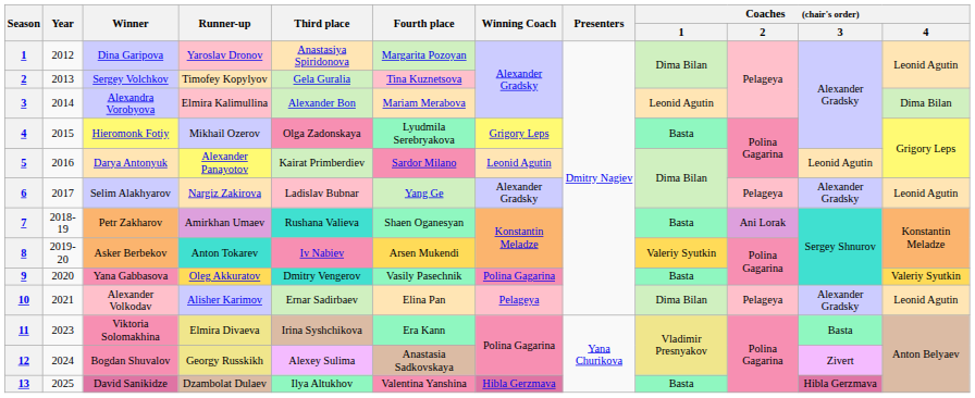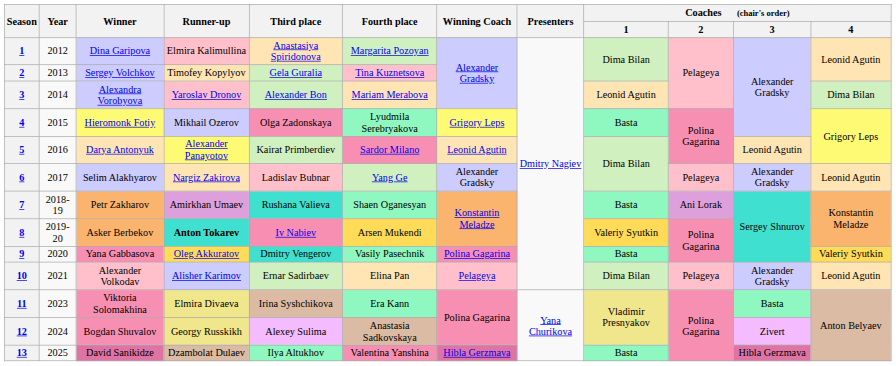 <table class="wikitable" style="text-align:center; font-size:90%; line-height:16px; max-width:1800px">
 <tr>
 <th rowspan=2 scope="col">Season</th>
 <th rowspan=2 scope="col">Year</th>
 <th rowspan=2 scope="col">Winner</th>
 <th rowspan=2 scope="col">Runner-up</th>
 <th rowspan=2 scope="col">Third place</th>
 <th rowspan=2 scope="col">Fourth place</th>
 <th rowspan=2 scope="col">Winning Coach</th>
 <th rowspan=2 scope="col">Presenters</th>
 <th scope="row" colspan="4">Coaches   <small>(chair's order)</small></th>
 </tr>
 <tr>
 <th>1</th>
 <th>2</th>
 <th>3</th>
 <th>4</th>
 </tr>
 <tr>
 <th scope="row"><a href='#'>1</a></th>
 <td>2012</td>
 <td style="background:#ccccff"><a href='#'>Dina Garipova</a></td>
-<td style="background:pink"><a href='#'>Yaroslav Dronov</a></td>
+<td style="background:pink">Elmira Kalimullina</td>
 <td style="background:#ffe5b4"><a href='#'>Anastasiya Spiridonova</a></td>
 <td style="background:#d0f0c0"><a href='#'>Margarita Pozoyan</a></td>
 <td rowspan=3 style="background:#ccccff"><a href='#'>Alexander Gradsky</a></td>
 <td rowspan=10><a href='#'>Dmitry Nagiev</a></td>
 <td rowspan=2 style="background:#d0f0c0">Dima Bilan</td>
 <td rowspan=3 style="background:pink">Pelageya</td>
 <td rowspan=4 style="background:#ccf">Alexander Gradsky</td>
 <td rowspan=2 style="background:#ffe5b4">Leonid Agutin</td>
 </tr>
 <tr>
 <th><a href='#'>2</a></th>
 <td>2013</td>
 <td style="background:#ccccff"><a href='#'>Sergey Volchkov</a></td>
 <td style="background:#ffe5b4">Timofey Kopylyov</td>
 <td style="background:#d0f0c0"><a href='#'>Gela Guralia</a></td>
 <td style="background:pink"><a href='#'>Tina Kuznetsova</a></td>
 </tr>
 <tr>
 <th><a href='#'>3</a></th>
 <td>2014</td>
 <td style="background:#ccccff"><a href='#'>Alexandra Vorobyova</a></td>
-<td style="background:pink">Elmira Kalimullina</td>
+<td style="background:pink"><a href='#'>Yaroslav Dronov</a></td>
 <td style="background:#d0f0c0"><a href='#'>Alexander Bon</a></td>
 <td style="background:#ffe5b4"><a href='#'>Mariam Merabova</a></td>
 <td style="background:#ffe5b4">Leonid Agutin</td>
 <td style="background:#d0f0c0">Dima Bilan</td>
 </tr>
 <tr>
 <th><a href='#'>4</a></th>
 <td>2015</td>
 <td style="background:#fffa73"><a href='#'>Hieromonk Fotiy</a></td>
 <td style="background:#ccccff">Mikhail Ozerov</td>
 <td style="background:#f78fb2">Olga Zadonskaya</td>
 <td style="background:#8ff7c0">Lyudmila Serebryakova</td>
 <td style="background:#fffa73"><a href='#'>Grigory Leps</a></td>
 <td style="background:#8ff7c0">Basta</td>
 <td rowspan=2 style="background:#f78fb2">Polina Gagarina</td>
 <td rowspan=2 style="background:#fffa73">Grigory Leps</td>
 </tr>
 <tr>
 <th><a href='#'>5</a></th>
 <td>2016</td>
 <td style="background:#ffe5b4"><a href='#'>Darya Antonyuk</a></td>
 <td style="background:#fffa73"><a href='#'>Alexander Panayotov</a></td>
 <td style="background:#d0f0c0">Kairat Primberdiev</td>
 <td style="background:#f78fb2"><a href='#'>Sardor Milano</a></td>
 <td style="background:#ffe5b4"><a href='#'>Leonid Agutin</a></td>
 <td rowspan=2 style="background:#d0f0c0">Dima Bilan</td>
 <td style="background:#ffe5b4">Leonid Agutin</td>
 </tr>
 <tr>
 <th><a href='#'>6</a></th>
 <td>2017</td>
 <td style="background:#ccccff">Selim Alakhyarov</td>
 <td style="background:#ffe5b4"><a href='#'>Nargiz Zakirova</a></td>
 <td style="background:pink">Ladislav Bubnar</td>
 <td style="background:#d0f0c0"><a href='#'>Yang Ge</a></td>
 <td style="background:#ccccff">Alexander Gradsky</td>
 <td style="background:pink">Pelageya</td>
 <td style="background:#ccf">Alexander Gradsky</td>
 <td style="background:#ffe5b4">Leonid Agutin</td>
 </tr>
 <tr>
 <th><a href='#'>7</a></th>
 <td>2018-19</td>
 <td style="background:#fbb46e">Petr Zakharov</td>
 <td style="background:#dda0dd;">Amirkhan Umaev</td>
 <td style="background:turquoise;">Rushana Valieva</td>
 <td style="background:#8ff7c0">Shaen Oganesyan</td>
 <td rowspan=2 style="background:#fbb46e"><a href='#'>Konstantin Meladze</a></td>
 <td style="background:#8ff7c0">Basta</td>
 <td style="background:#dda0dd">Ani Lorak</td>
 <td rowspan=3 style="background:turquoise;">Sergey Shnurov</td>
 <td rowspan=2 style="background:#fbb46e">Konstantin Meladze</td>
 </tr>
 <tr>
 <th><a href='#'>8</a></th>
 <td>2019-20</td>
 <td style="background:#fbb46e">Asker Berbekov</td>
-<td style="background:turquoise;">Anton Tokarev</td>
+<td style="background:turquoise;"><strong>Anton Tokarev</strong></td>
 <td style="background:#f78fb2"><a href='#'>Iv Nabiev</a></td>
 <td style="background:#ffdb58">Arsen Mukendi</td>
 <td style="background:#ffdb58">Valeriy Syutkin</td>
 <td rowspan=2 style="background:#f78fb2">Polina Gagarina</td>
 </tr>
 <tr>
 <th><a href='#'>9</a></th>
 <td>2020</td>
 <td style="background:#f78fb2">Yana Gabbasova</td>
 <td style="background:#ffdb58"><a href='#'>Oleg Akkuratov</a></td>
 <td style="background:turquoise;">Dmitry Vengerov</td>
 <td style="background:#8ff7c0">Vasily Pasechnik</td>
 <td style="background:#f78fb2"><a href='#'>Polina Gagarina</a></td>
 <td style="background:#8ff7c0">Basta</td>
 <td style="background:#ffdb58">Valeriy Syutkin</td>
 </tr>
 <tr>
 <th><a href='#'>10</a></th>
 <td>2021</td>
 <td style="background:pink">Alexander Volkodav</td>
 <td style="background:#ccccff"><a href='#'>Alisher Karimov</a></td>
 <td style="background:#d0f0c0">Ernar Sadirbaev</td>
 <td style="background:#ffe5b4">Elina Pan</td>
 <td style="background:pink"><a href='#'>Pelageya</a></td>
 <td style="background:#d0f0c0">Dima Bilan</td>
 <td style="background:pink">Pelageya</td>
 <td style="background:#ccf">Alexander Gradsky</td>
 <td style="background:#ffe5b4">Leonid Agutin</td>
 </tr>
 <tr>
 <th><a href='#'>11</a></th>
 <td>2023</td>
 <td style="background:#f78fb2">Viktoria Solomakhina</td>
 <td style="background:khaki;">Elmira Divaeva</td>
 <td style="background:#dbbba4">Irina Syshchikova</td>
 <td style="background:#8ff7c0">Era Kann</td>
 <td rowspan="2" style="background:#f78fb2">Polina Gagarina</td>
 <td rowspan=3><a href='#'>Yana Churikova</a></td>
 <td rowspan=2 style="background:khaki;">Vladimir Presnyakov</td>
 <td rowspan=3 style="background:#f78fb2">Polina Gagarina</td>
 <td style="background:#8ff7c0">Basta</td>
 <td rowspan=3 style="background:#dbbba4">Anton Belyaev</td>
 </tr>
 <tr>
 <th><a href='#'>12</a></th>
 <td>2024</td>
 <td style="background:#f78fb2;">Bogdan Shuvalov</td>
 <td style="background:khaki">Georgy Russkikh</td>
 <td style="background:#f4bbff">Alexey Sulima</td>
 <td style="background:#dbbba4">Anastasia Sadkovskaya</td>
 <td style="background:#f4bbff">Zivert</td>
 </tr>
 <tr>
 <th><a href='#'>13</a></th>
 <td>2025</td>
 <td style="background:#df74a4;">David Sanikidze</td>
 <td style="background:#dbbba4;">Dzambolat Dulaev</td>
 <td style="background:#8ff7c0;">Ilya Altukhov</td>
 <td style="background:#f78fb2;">Valentina Yanshina</td>
 <td style="background:#df74a4;"><a href='#'>Hibla Gerzmava</a></td>
 <td style="background:#8ff7c0">Basta</td>
 <td style="background:#df74a4;">Hibla Gerzmava</td>
 </tr>
 </table>
